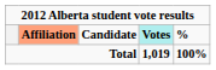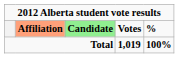 <table class="wikitable">
 <tr>
 <td colspan="5" align=center><strong>2012 Alberta student vote results</strong></td>
 </tr>
 <tr>
 <th style="width: 10px;"></th>
 <td style="background: lightsalmon;"><strong>Affiliation</strong></td>
-<td><strong>Candidate</strong></td>
-<td style="background: paleturquoise;"><strong>Votes</strong></td>
+<td style="background: lightgreen;"><strong>Candidate</strong></td>
+<td><strong>Votes</strong></td>
 <td><strong>%</strong><br>    </td>
 </tr>
 <tr>
 <td colspan="3" align="right"><strong>Total</strong></td>
 <td><strong>1,019</strong></td>
 <td><strong>100%</strong></td>
 </tr>
 </table>
